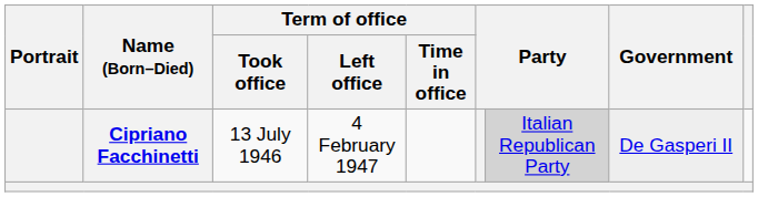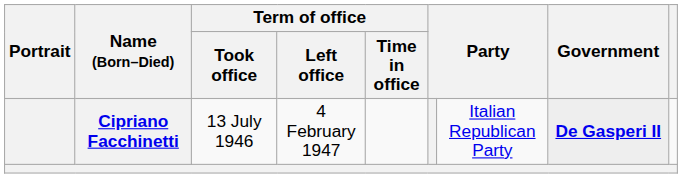 <table class="wikitable" style="text-align:center; style="width=100%">
 <tr>
 <th width=1% rowspan=2>Portrait</th>
 <th width=15% rowspan=2>Name<br><small>(Born–Died)</small></th>
 <th width=30% colspan=3>Term of office</th>
 <th width=15% rowspan=2 colspan=2>Party</th>
 <th width=10% rowspan=2>Government</th>
 <th width=1% rowspan=2></th>
 </tr>
 <tr style="text-align:center;">
 <th width=11%>Took office</th>
 <th width=11%>Left office</th>
 <th width=8%>Time in office</th>
 </tr>
 <tr style="text-align:center;">
 <th></th>
 <th scope="row" style="font-weight:normal"><strong><a href='#'>Cipriano Facchinetti</a></strong><br></th>
 <td>13 July 1946</td>
 <td>4 February 1947</td>
 <td></td>
 <th style="background:"></th>
-<td style="background: lightgrey;"><a href='#'>Italian Republican Party</a></td>
-<td bgcolor=#EEEEEE><a href='#'>De Gasperi II</a></td>
+<td><a href='#'>Italian Republican Party</a></td>
+<td bgcolor=#EEEEEE><strong><a href='#'>De Gasperi II</a></strong></td>
 <td></td>
 </tr>
 <tr>
 <th colspan=9></th>
 </tr>
 </table>
